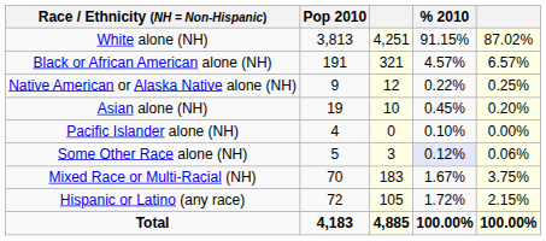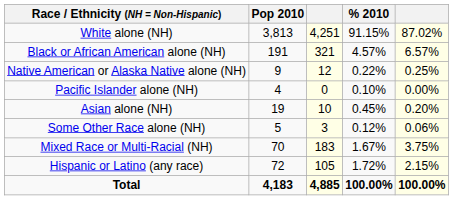 <table class="wikitable" style="text-align:center;">
 <tr>
 <th>Race / Ethnicity <small>(<em>NH = Non-Hispanic</em>)</small></th>
 <th>Pop 2010</th>
 <th></th>
 <th>% 2010</th>
 <th></th>
 </tr>
 <tr>
 <td><a href='#'>White</a> alone (NH)</td>
 <td>3,813</td>
 <td style='background: #ffffe6;'>4,251</td>
 <td>91.15%</td>
 <td style='background: #ffffe6;'>87.02%</td>
 </tr>
 <tr>
 <td><a href='#'>Black or African American</a> alone (NH)</td>
 <td>191</td>
 <td style='background: #ffffe6;'>321</td>
 <td>4.57%</td>
 <td style='background: #ffffe6;'>6.57%</td>
 </tr>
 <tr>
 <td><a href='#'>Native American</a> or <a href='#'>Alaska Native</a> alone (NH)</td>
 <td>9</td>
 <td style='background: #ffffe6;'>12</td>
 <td>0.22%</td>
 <td style='background: #ffffe6;'>0.25%</td>
 </tr>
 <tr>
+<td><a href='#'>Pacific Islander</a> alone (NH)</td>
+<td>4</td>
+<td style='background: #ffffe6;'>0</td>
+<td>0.10%</td>
+<td style='background: #ffffe6;'>0.00%</td>
+</tr>
+<tr>
 <td><a href='#'>Asian</a> alone (NH)</td>
 <td>19</td>
 <td style='background: #ffffe6;'>10</td>
 <td>0.45%</td>
 <td style='background: #ffffe6;'>0.20%</td>
 </tr>
 <tr>
-<td><a href='#'>Pacific Islander</a> alone (NH)</td>
-<td>4</td>
-<td style='background: #ffffe6;'>0</td>
-<td>0.10%</td>
-<td style='background: #ffffe6;'>0.00%</td>
-</tr>
-<tr>
 <td><a href='#'>Some Other Race</a> alone (NH)</td>
 <td>5</td>
 <td style='background: #ffffe6;'>3</td>
-<td style="background: lavender;">0.12%</td>
+<td>0.12%</td>
 <td style='background: #ffffe6;'>0.06%</td>
 </tr>
 <tr>
 <td><a href='#'>Mixed Race or Multi-Racial</a> (NH)</td>
 <td>70</td>
 <td style='background: #ffffe6;'>183</td>
 <td>1.67%</td>
 <td style='background: #ffffe6;'>3.75%</td>
 </tr>
 <tr>
 <td><a href='#'>Hispanic or Latino</a> (any race)</td>
 <td>72</td>
 <td style='background: #ffffe6;'>105</td>
 <td>1.72%</td>
 <td style='background: #ffffe6;'>2.15%</td>
 </tr>
 <tr>
 <td><strong>Total</strong></td>
 <td><strong>4,183</strong></td>
 <td style='background: #ffffe6;'><strong>4,885</strong></td>
 <td><strong>100.00%</strong></td>
 <td style='background: #ffffe6;'><strong>100.00%</strong></td>
 </tr>
 </table>
